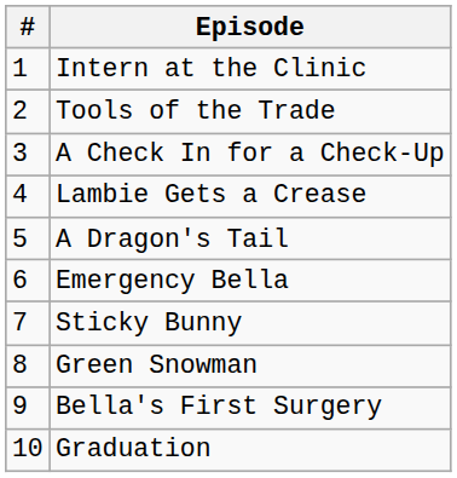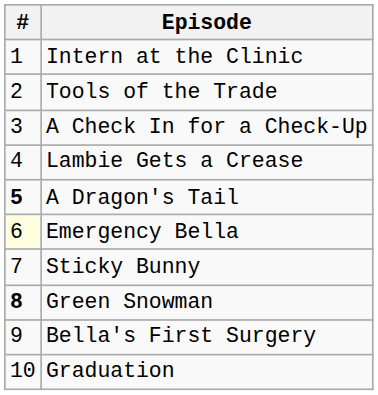 <table class="wikitable sortable">
 <tr>
 <th>#</th>
 <th>Episode</th>
 </tr>
 <tr>
 <td>1</td>
 <td>Intern at the Clinic</td>
 </tr>
 <tr>
 <td>2</td>
 <td>Tools of the Trade</td>
 </tr>
 <tr>
 <td>3</td>
 <td>A Check In for a Check-Up</td>
 </tr>
 <tr>
 <td>4</td>
 <td>Lambie Gets a Crease</td>
 </tr>
 <tr>
-<td>5</td>
+<td><strong>5</strong></td>
 <td>A Dragon's Tail</td>
 </tr>
 <tr>
-<td>6</td>
+<td style="background: lightyellow;">6</td>
 <td>Emergency Bella</td>
 </tr>
 <tr>
 <td>7</td>
 <td>Sticky Bunny</td>
 </tr>
 <tr>
-<td>8</td>
+<td><strong>8</strong></td>
 <td>Green Snowman</td>
 </tr>
 <tr>
 <td>9</td>
 <td>Bella's First Surgery</td>
 </tr>
 <tr>
 <td>10</td>
 <td>Graduation</td>
 </tr>
 </table>
